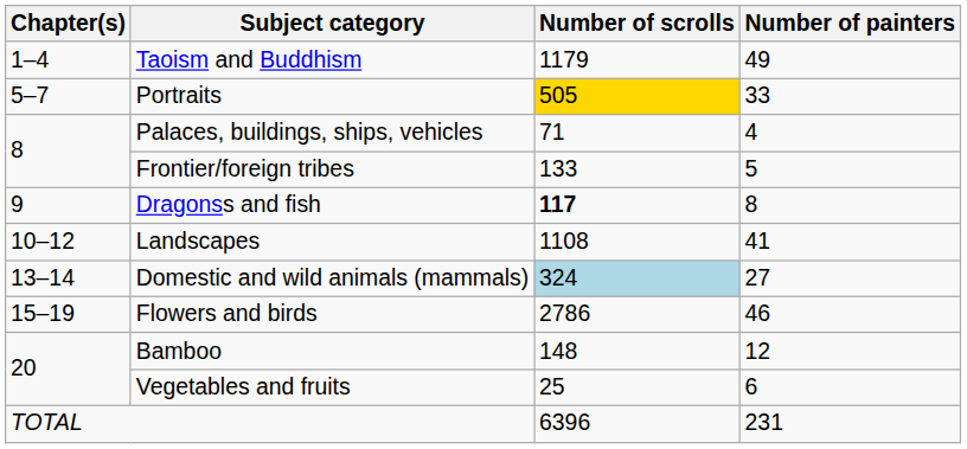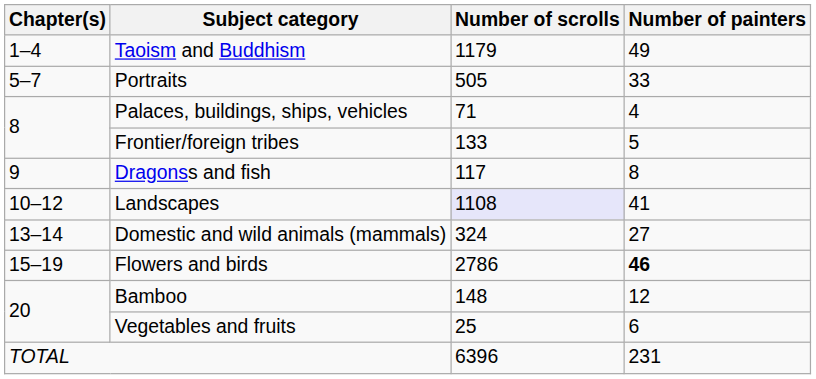 <table class="wikitable">
 <tr>
 <th>Chapter(s)</th>
 <th>Subject category</th>
 <th>Number of scrolls</th>
 <th>Number of painters</th>
 </tr>
 <tr>
 <td>1–4</td>
 <td><a href='#'>Taoism</a> and <a href='#'>Buddhism</a></td>
 <td>1179</td>
 <td>49</td>
 </tr>
 <tr>
 <td>5–7</td>
 <td>Portraits</td>
-<td style="background: gold;">505</td>
+<td>505</td>
 <td>33</td>
 </tr>
 <tr>
 <td rowspan=2>8</td>
 <td>Palaces, buildings, ships, vehicles</td>
 <td>71</td>
 <td>4</td>
 </tr>
 <tr>
 <td>Frontier/foreign tribes</td>
 <td>133</td>
 <td>5</td>
 </tr>
 <tr>
 <td>9</td>
 <td><a href='#'>Dragons</a>s and fish</td>
-<td><strong>117</strong></td>
+<td>117</td>
 <td>8</td>
 </tr>
 <tr>
 <td>10–12</td>
 <td>Landscapes</td>
-<td>1108</td>
+<td style="background: lavender;">1108</td>
 <td>41</td>
 </tr>
 <tr>
 <td>13–14</td>
 <td>Domestic and wild animals (mammals)</td>
-<td style="background: lightblue;">324</td>
+<td>324</td>
 <td>27</td>
 </tr>
 <tr>
 <td>15–19</td>
 <td>Flowers and birds</td>
 <td>2786</td>
-<td>46</td>
+<td><strong>46</strong></td>
 </tr>
 <tr>
 <td rowspan=2>20</td>
 <td>Bamboo</td>
 <td>148</td>
 <td>12</td>
 </tr>
 <tr>
 <td>Vegetables and fruits</td>
 <td>25</td>
 <td>6</td>
 </tr>
 <tr>
 <td colspan=2><em>TOTAL</em></td>
 <td>6396</td>
 <td>231</td>
 </tr>
 </table>
